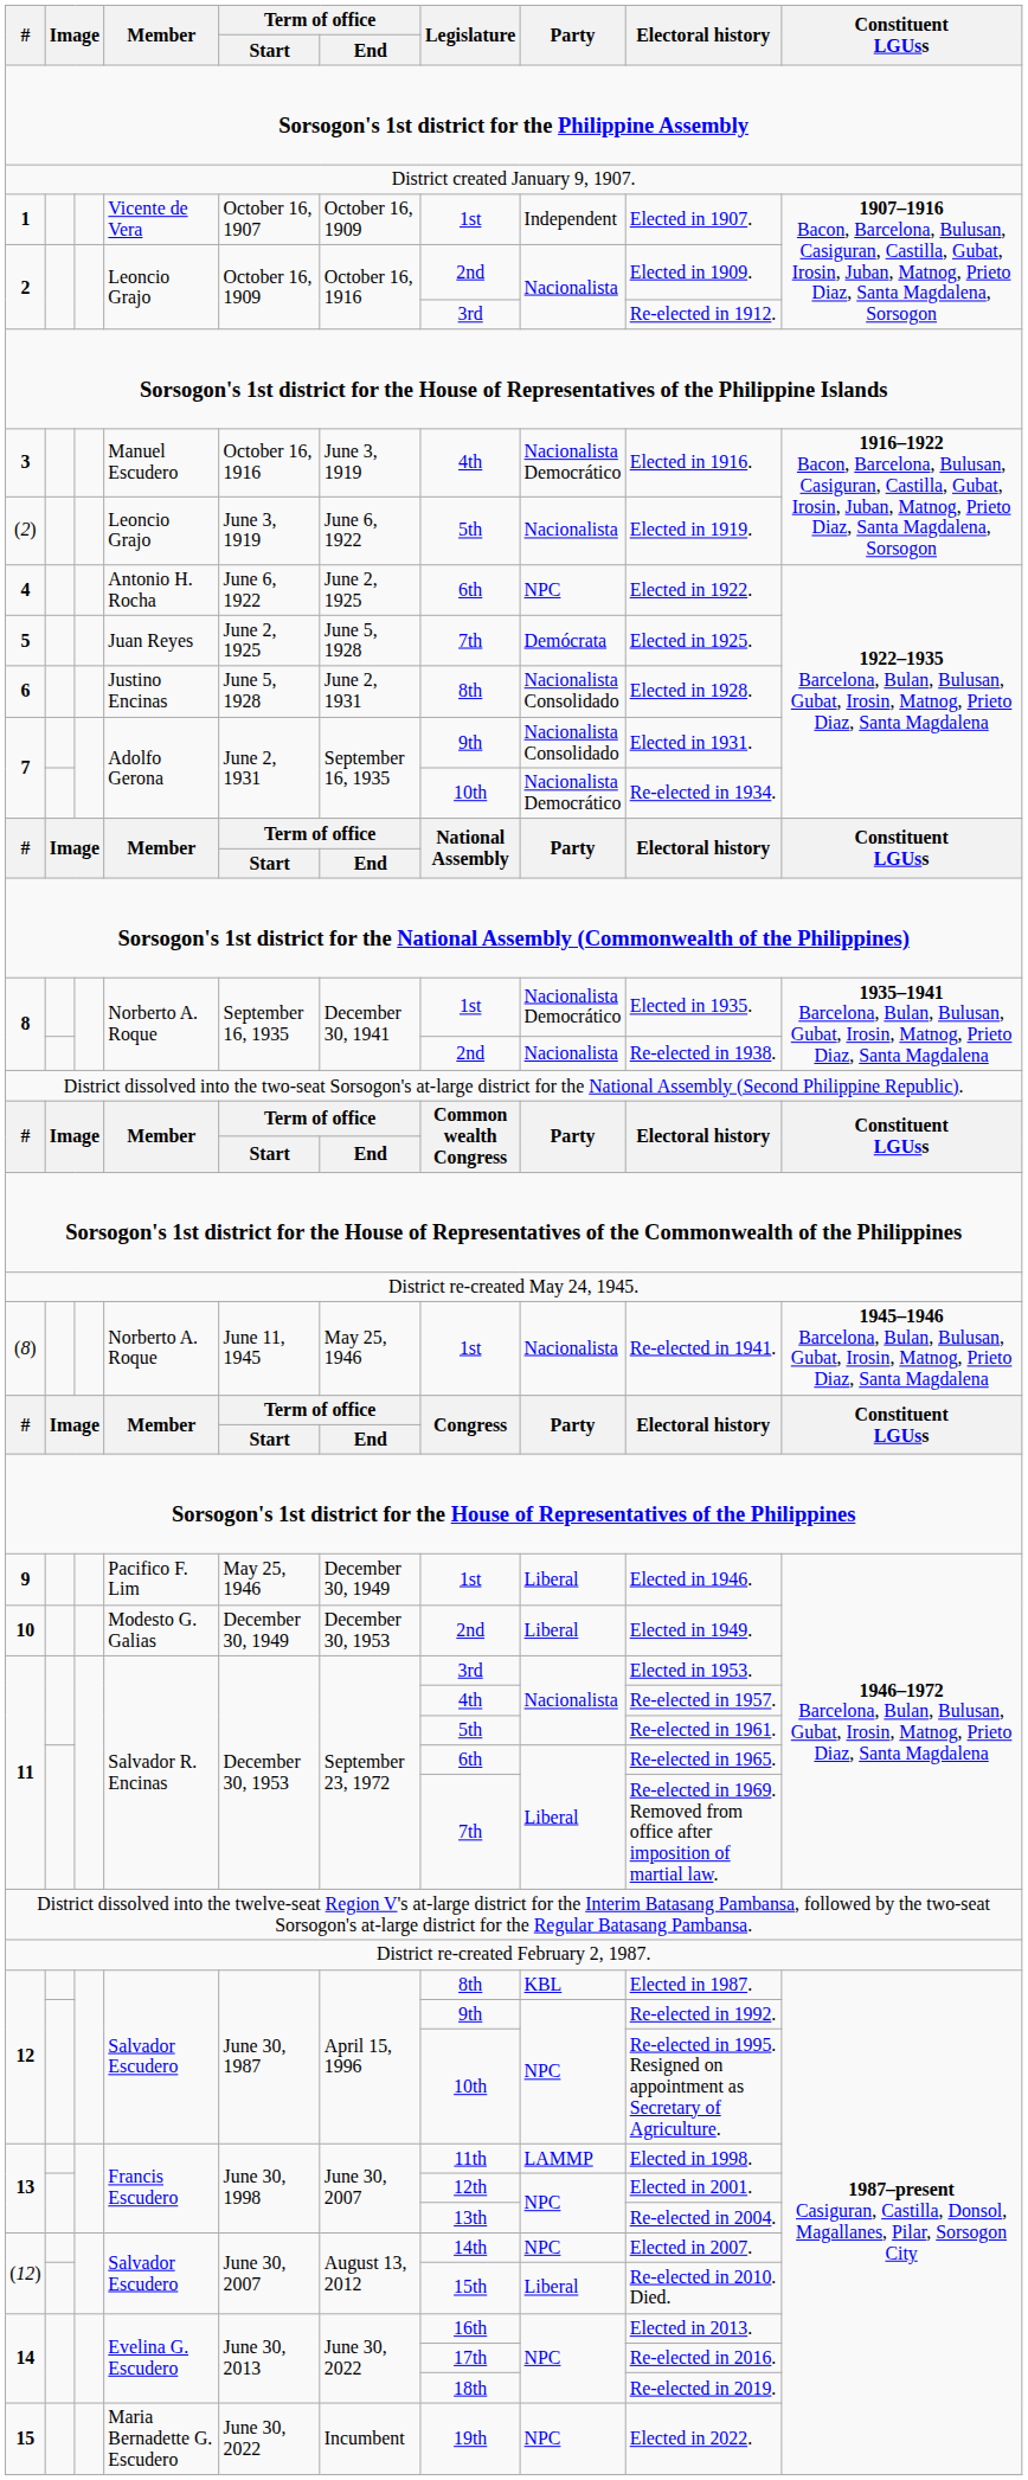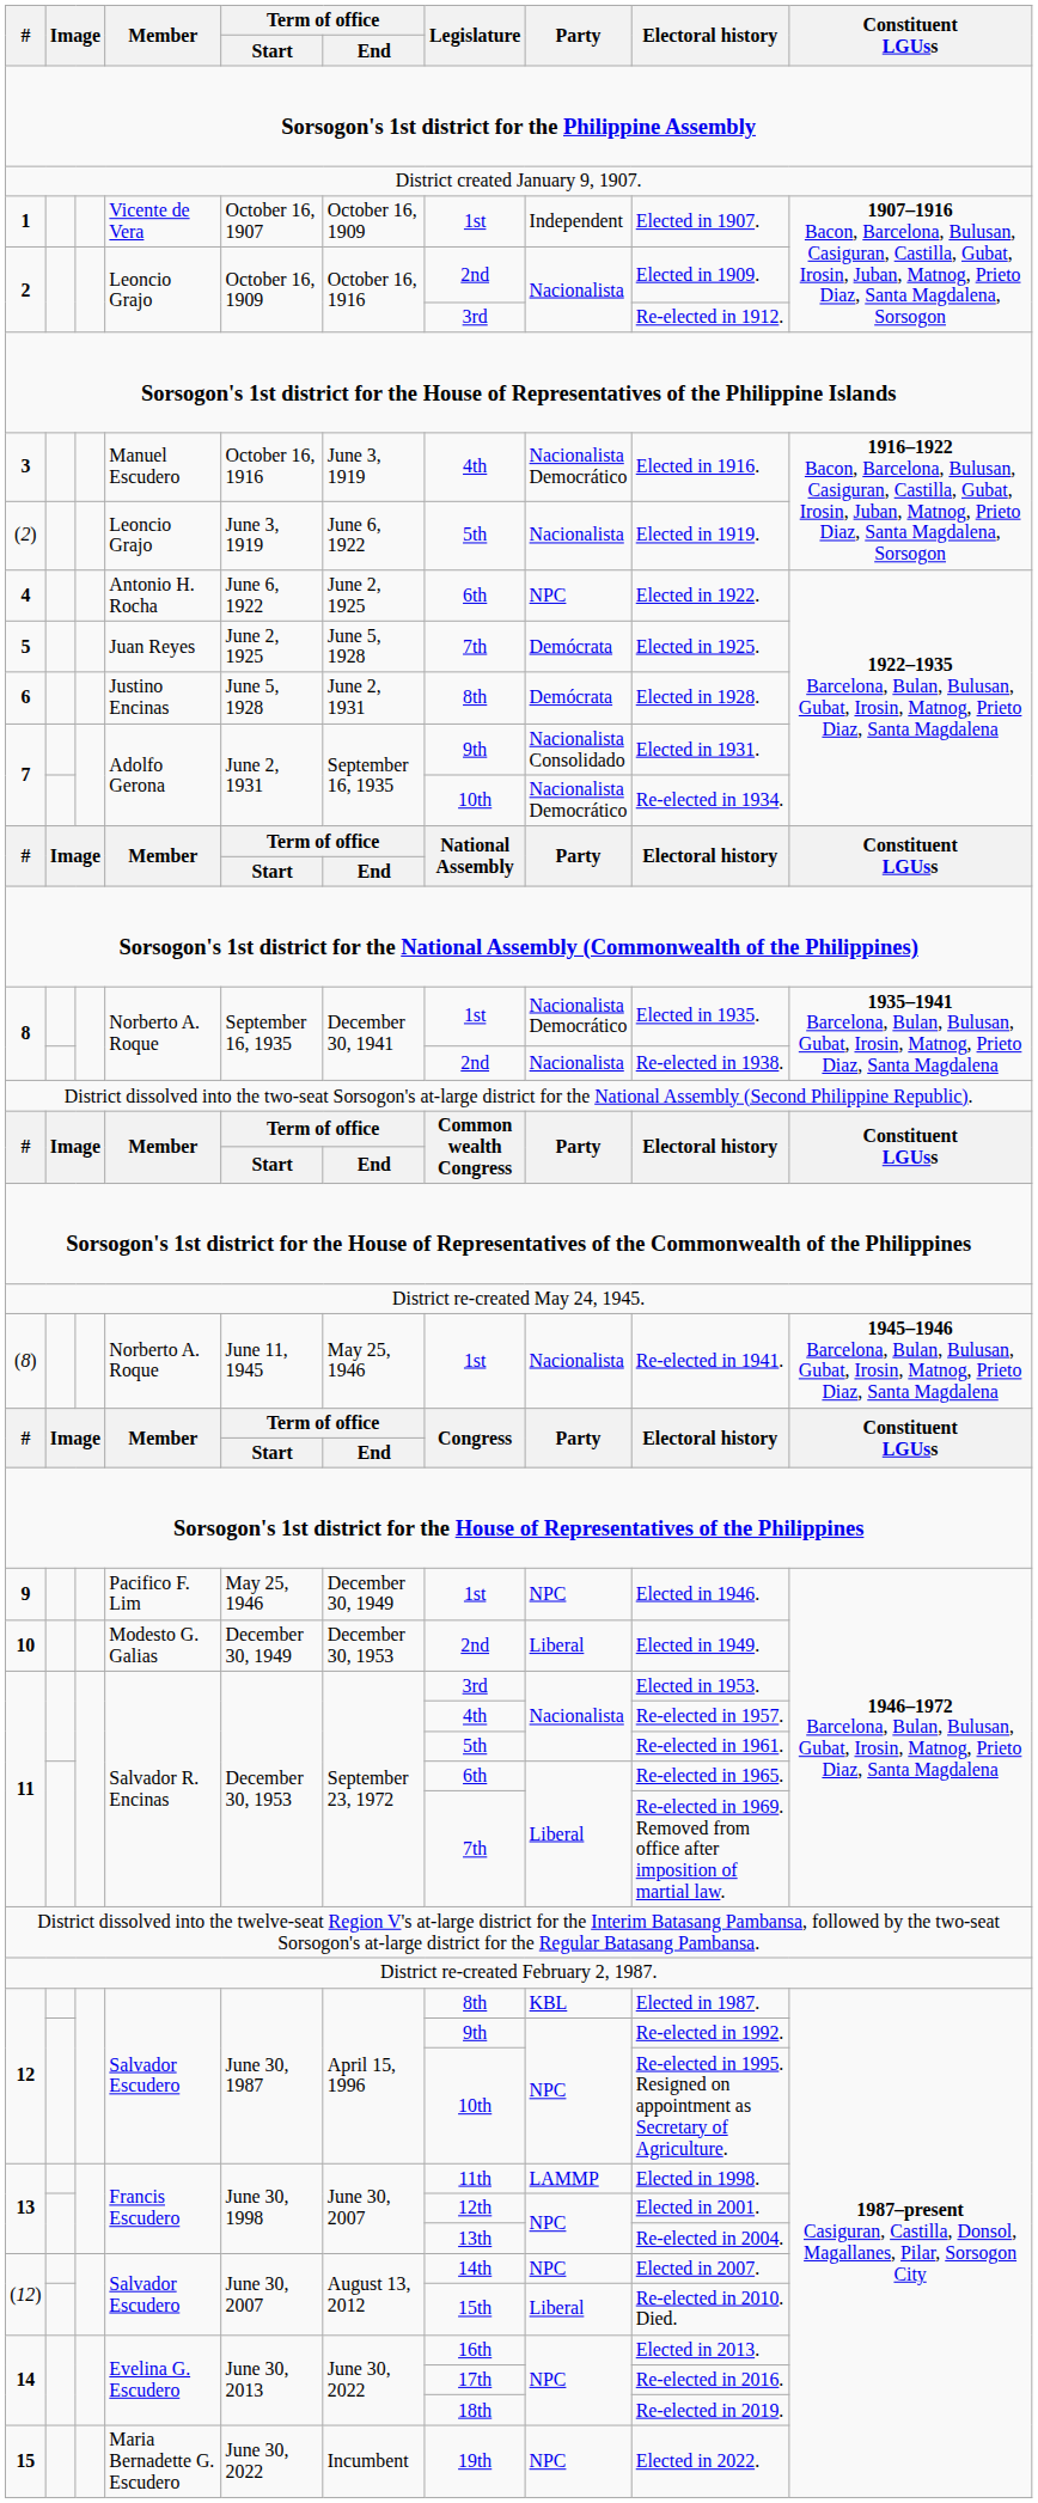 <table class=wikitable>
 <tr>
 <th rowspan="2">#</th>
 <th rowspan="2" colspan=2>Image</th>
 <th rowspan="2">Member</th>
 <th colspan=2>Term of office</th>
 <th rowspan="2">Legislature</th>
 <th rowspan="2">Party</th>
 <th rowspan="2">Electoral history</th>
 <th rowspan="2">Constituent<br><a href='#'>LGUs</a>s</th>
 </tr>
 <tr>
 <th>Start</th>
 <th>End</th>
 </tr>
 <tr>
 <td colspan="10" style="text-align:center;"><br><h3>Sorsogon's 1st district for the <a href='#'>Philippine Assembly</a></h3></td>
 </tr>
 <tr>
 <td colspan="10" style="text-align:center;">District created January 9, 1907.</td>
 </tr>
 <tr>
 <td style="text-align:center;"><strong>1</strong></td>
 <td style="color:inherit;background:"></td>
 <td></td>
 <td><a href='#'>Vicente de Vera</a></td>
 <td>October 16, 1907</td>
 <td>October 16, 1909</td>
 <td style="text-align:center;"><a href='#'>1st</a></td>
 <td>Independent</td>
 <td><a href='#'>Elected in 1907</a>.</td>
 <td rowspan="3" style="text-align:center;"><strong>1907–1916</strong><br><a href='#'>Bacon</a>, <a href='#'>Barcelona</a>, <a href='#'>Bulusan</a>, <a href='#'>Casiguran</a>, <a href='#'>Castilla</a>, <a href='#'>Gubat</a>, <a href='#'>Irosin</a>, <a href='#'>Juban</a>, <a href='#'>Matnog</a>, <a href='#'>Prieto Diaz</a>, <a href='#'>Santa Magdalena</a>, <a href='#'>Sorsogon</a></td>
 </tr>
 <tr>
 <td rowspan="2" style="text-align:center;"><strong>2</strong></td>
 <td rowspan="2" style="color:inherit;background:"></td>
 <td rowspan="2"></td>
 <td rowspan="2">Leoncio Grajo</td>
 <td rowspan="2">October 16, 1909</td>
 <td rowspan="2">October 16, 1916</td>
 <td style="text-align:center;"><a href='#'>2nd</a></td>
 <td rowspan="2"><a href='#'>Nacionalista</a></td>
 <td><a href='#'>Elected in 1909</a>.</td>
 </tr>
 <tr>
 <td style="text-align:center;"><a href='#'>3rd</a></td>
 <td><a href='#'>Re-elected in 1912</a>.</td>
 </tr>
 <tr>
 <td colspan="10" style="text-align:center;"><br><h3>Sorsogon's 1st district for the House of Representatives of the Philippine Islands</h3></td>
 </tr>
 <tr>
 <td style="text-align:center;"><strong>3</strong></td>
 <td style="color:inherit;background:"></td>
 <td></td>
 <td>Manuel Escudero</td>
 <td>October 16, 1916</td>
 <td>June 3, 1919</td>
 <td style="text-align:center;"><a href='#'>4th</a></td>
 <td><a href='#'>Nacionalista</a><br>Democrático</td>
 <td><a href='#'>Elected in 1916</a>.</td>
 <td rowspan="2" style="text-align:center;"><strong>1916–1922</strong><br><a href='#'>Bacon</a>, <a href='#'>Barcelona</a>, <a href='#'>Bulusan</a>, <a href='#'>Casiguran</a>, <a href='#'>Castilla</a>, <a href='#'>Gubat</a>, <a href='#'>Irosin</a>, <a href='#'>Juban</a>, <a href='#'>Matnog</a>, <a href='#'>Prieto Diaz</a>, <a href='#'>Santa Magdalena</a>, <a href='#'>Sorsogon</a></td>
 </tr>
 <tr>
 <td style="text-align:center;">(<em>2</em>)</td>
 <td style="color:inherit;background:"></td>
 <td></td>
 <td>Leoncio Grajo</td>
 <td>June 3, 1919</td>
 <td>June 6, 1922</td>
 <td style="text-align:center;"><a href='#'>5th</a></td>
 <td><a href='#'>Nacionalista</a></td>
 <td><a href='#'>Elected in 1919</a>.</td>
 </tr>
 <tr>
 <td style="text-align:center;"><strong>4</strong></td>
 <td style="color:inherit;background:"></td>
 <td></td>
 <td>Antonio H. Rocha</td>
 <td>June 6, 1922</td>
 <td>June 2, 1925</td>
 <td style="text-align:center;"><a href='#'>6th</a></td>
 <td><a href='#'>NPC</a></td>
 <td><a href='#'>Elected in 1922</a>.</td>
 <td rowspan="5" style="text-align:center;"><strong>1922–1935</strong><br><a href='#'>Barcelona</a>, <a href='#'>Bulan</a>, <a href='#'>Bulusan</a>, <a href='#'>Gubat</a>, <a href='#'>Irosin</a>, <a href='#'>Matnog</a>, <a href='#'>Prieto Diaz</a>, <a href='#'>Santa Magdalena</a></td>
 </tr>
 <tr>
 <td style="text-align:center;"><strong>5</strong></td>
 <td style="color:inherit;background:"></td>
 <td></td>
 <td>Juan Reyes</td>
 <td>June 2, 1925</td>
 <td>June 5, 1928</td>
 <td style="text-align:center;"><a href='#'>7th</a></td>
 <td><a href='#'>Demócrata</a></td>
 <td><a href='#'>Elected in 1925</a>.</td>
 </tr>
 <tr>
 <td style="text-align:center;"><strong>6</strong></td>
 <td style="color:inherit;background:"></td>
 <td></td>
 <td>Justino Encinas</td>
 <td>June 5, 1928</td>
 <td>June 2, 1931</td>
 <td style="text-align:center;"><a href='#'>8th</a></td>
-<td><a href='#'>Nacionalista</a><br>Consolidado</td>
+<td><a href='#'>Demócrata</a></td>
 <td><a href='#'>Elected in 1928</a>.</td>
 </tr>
 <tr>
 <td rowspan="2" style="text-align:center;"><strong>7</strong></td>
 <td style="color:inherit;background:"></td>
 <td rowspan="2"></td>
 <td rowspan="2">Adolfo Gerona</td>
 <td rowspan="2">June 2, 1931</td>
 <td rowspan="2">September 16, 1935</td>
 <td style="text-align:center;"><a href='#'>9th</a></td>
 <td><a href='#'>Nacionalista</a><br>Consolidado</td>
 <td><a href='#'>Elected in 1931</a>.</td>
 </tr>
 <tr>
 <td style="color:inherit;background:"></td>
 <td style="text-align:center;"><a href='#'>10th</a></td>
 <td><a href='#'>Nacionalista</a><br>Democrático</td>
 <td><a href='#'>Re-elected in 1934</a>.</td>
 </tr>
 <tr>
 <th rowspan="2">#</th>
 <th rowspan="2" colspan=2>Image</th>
 <th rowspan="2">Member</th>
 <th colspan=2>Term of office</th>
 <th rowspan="2">National<br>Assembly</th>
 <th rowspan="2">Party</th>
 <th rowspan="2">Electoral history</th>
 <th rowspan="2">Constituent<br><a href='#'>LGUs</a>s</th>
 </tr>
 <tr>
 <th>Start</th>
 <th>End</th>
 </tr>
 <tr>
 <td colspan="10" style="text-align:center;"><br><h3>Sorsogon's 1st district for the <a href='#'>National Assembly (Commonwealth of the Philippines)</a></h3></td>
 </tr>
 <tr>
 <td rowspan="2" style="text-align:center;"><strong>8</strong></td>
 <td style="color:inherit;background:"></td>
 <td rowspan="2"></td>
 <td rowspan="2">Norberto A. Roque</td>
 <td rowspan="2">September 16, 1935</td>
 <td rowspan="2">December 30, 1941</td>
 <td style="text-align:center;"><a href='#'>1st</a></td>
 <td><a href='#'>Nacionalista</a><br>Democrático</td>
 <td><a href='#'>Elected in 1935</a>.</td>
 <td rowspan="2" style="text-align:center;"><strong>1935–1941</strong><br><a href='#'>Barcelona</a>, <a href='#'>Bulan</a>, <a href='#'>Bulusan</a>, <a href='#'>Gubat</a>, <a href='#'>Irosin</a>, <a href='#'>Matnog</a>, <a href='#'>Prieto Diaz</a>, <a href='#'>Santa Magdalena</a></td>
 </tr>
 <tr>
 <td style="color:inherit;background:"></td>
 <td style="text-align:center;"><a href='#'>2nd</a></td>
 <td><a href='#'>Nacionalista</a></td>
 <td><a href='#'>Re-elected in 1938</a>.</td>
 </tr>
 <tr>
 <td colspan="10" style="text-align:center;">District dissolved into the two-seat Sorsogon's at-large district for the <a href='#'>National Assembly (Second Philippine Republic)</a>.</td>
 </tr>
 <tr>
 <th rowspan="2">#</th>
 <th rowspan="2" colspan=2>Image</th>
 <th rowspan="2">Member</th>
 <th colspan=2>Term of office</th>
 <th rowspan="2">Common<br>wealth<br>Congress</th>
 <th rowspan="2">Party</th>
 <th rowspan="2">Electoral history</th>
 <th rowspan="2">Constituent<br><a href='#'>LGUs</a>s</th>
 </tr>
 <tr>
 <th>Start</th>
 <th>End</th>
 </tr>
 <tr>
 <td colspan="10" style="text-align:center;"><br><h3>Sorsogon's 1st district for the House of Representatives of the Commonwealth of the Philippines</h3></td>
 </tr>
 <tr>
 <td colspan="10" style="text-align:center;">District re-created May 24, 1945.</td>
 </tr>
 <tr>
 <td style="text-align:center;">(<em>8</em>)</td>
 <td style="color:inherit;background:"></td>
 <td></td>
 <td>Norberto A. Roque</td>
 <td>June 11, 1945</td>
 <td>May 25, 1946</td>
 <td style="text-align:center;"><a href='#'>1st</a></td>
 <td><a href='#'>Nacionalista</a></td>
 <td><a href='#'>Re-elected in 1941</a>.</td>
 <td style="text-align:center;"><strong>1945–1946</strong><br><a href='#'>Barcelona</a>, <a href='#'>Bulan</a>, <a href='#'>Bulusan</a>, <a href='#'>Gubat</a>, <a href='#'>Irosin</a>, <a href='#'>Matnog</a>, <a href='#'>Prieto Diaz</a>, <a href='#'>Santa Magdalena</a></td>
 </tr>
 <tr>
 <th rowspan="2">#</th>
 <th rowspan="2" colspan=2>Image</th>
 <th rowspan="2">Member</th>
 <th colspan=2>Term of office</th>
 <th rowspan="2">Congress</th>
 <th rowspan="2">Party</th>
 <th rowspan="2">Electoral history</th>
 <th rowspan="2">Constituent<br><a href='#'>LGUs</a>s</th>
 </tr>
 <tr>
 <th>Start</th>
 <th>End</th>
 </tr>
 <tr>
 <td colspan="10" style="text-align:center;"><br><h3>Sorsogon's 1st district for the <a href='#'>House of Representatives of the Philippines</a></h3></td>
 </tr>
 <tr>
 <td style="text-align:center;"><strong>9</strong></td>
 <td style="color:inherit;background:"></td>
 <td></td>
 <td>Pacifico F. Lim</td>
 <td>May 25, 1946</td>
 <td>December 30, 1949</td>
 <td style="text-align:center;"><a href='#'>1st</a></td>
-<td><a href='#'>Liberal</a></td>
+<td><a href='#'>NPC</a></td>
 <td><a href='#'>Elected in 1946</a>.</td>
 <td rowspan="7" style="text-align:center;"><strong>1946–1972</strong><br><a href='#'>Barcelona</a>, <a href='#'>Bulan</a>, <a href='#'>Bulusan</a>, <a href='#'>Gubat</a>, <a href='#'>Irosin</a>, <a href='#'>Matnog</a>, <a href='#'>Prieto Diaz</a>, <a href='#'>Santa Magdalena</a></td>
 </tr>
 <tr>
 <td style="text-align:center;"><strong>10</strong></td>
 <td style="color:inherit;background:"></td>
 <td></td>
 <td>Modesto G. Galias</td>
 <td>December 30, 1949</td>
 <td>December 30, 1953</td>
 <td style="text-align:center;"><a href='#'>2nd</a></td>
 <td><a href='#'>Liberal</a></td>
 <td><a href='#'>Elected in 1949</a>.</td>
 </tr>
 <tr>
 <td rowspan="5" style="text-align:center;"><strong>11</strong></td>
 <td rowspan="3" style="color:inherit;background:"></td>
 <td rowspan="5"></td>
 <td rowspan="5">Salvador R. Encinas</td>
 <td rowspan="5">December 30, 1953</td>
 <td rowspan="5">September 23, 1972</td>
 <td style="text-align:center;"><a href='#'>3rd</a></td>
 <td rowspan="3"><a href='#'>Nacionalista</a></td>
 <td><a href='#'>Elected in 1953</a>.</td>
 </tr>
 <tr>
 <td style="text-align:center;"><a href='#'>4th</a></td>
 <td><a href='#'>Re-elected in 1957</a>.</td>
 </tr>
 <tr>
 <td style="text-align:center;"><a href='#'>5th</a></td>
 <td><a href='#'>Re-elected in 1961</a>.</td>
 </tr>
 <tr>
 <td rowspan="2" style="color:inherit;background:"></td>
 <td style="text-align:center;"><a href='#'>6th</a></td>
 <td rowspan="2"><a href='#'>Liberal</a></td>
 <td><a href='#'>Re-elected in 1965</a>.</td>
 </tr>
 <tr>
 <td style="text-align:center;"><a href='#'>7th</a></td>
 <td><a href='#'>Re-elected in 1969</a>.<br>Removed from office after <a href='#'>imposition of martial law</a>.</td>
 </tr>
 <tr>
 <td colspan="10" style="text-align:center;">District dissolved into the twelve-seat <a href='#'>Region V</a>'s at-large district for the <a href='#'>Interim Batasang Pambansa</a>, followed by the two-seat Sorsogon's at-large district for the <a href='#'>Regular Batasang Pambansa</a>.</td>
 </tr>
 <tr>
 <td colspan="10" style="text-align:center;">District re-created February 2, 1987.</td>
 </tr>
 <tr>
 <td rowspan="3" style="text-align:center;"><strong>12</strong></td>
 <td style="color:inherit;background:"></td>
 <td rowspan="3"></td>
 <td rowspan="3"><a href='#'>Salvador Escudero</a></td>
 <td rowspan="3">June 30, 1987</td>
 <td rowspan="3">April 15, 1996</td>
 <td style="text-align:center;"><a href='#'>8th</a></td>
 <td><a href='#'>KBL</a></td>
 <td><a href='#'>Elected in 1987</a>.</td>
 <td rowspan="12" style="text-align:center;"><strong>1987–present</strong><br><a href='#'>Casiguran</a>, <a href='#'>Castilla</a>, <a href='#'>Donsol</a>, <a href='#'>Magallanes</a>, <a href='#'>Pilar</a>, <a href='#'>Sorsogon City</a></td>
 </tr>
 <tr>
 <td rowspan="2" style="color:inherit;background:"></td>
 <td style="text-align:center;"><a href='#'>9th</a></td>
 <td rowspan="2"><a href='#'>NPC</a></td>
 <td><a href='#'>Re-elected in 1992</a>.</td>
 </tr>
 <tr>
 <td style="text-align:center;"><a href='#'>10th</a></td>
 <td><a href='#'>Re-elected in 1995</a>.<br>Resigned on appointment as <a href='#'>Secretary of Agriculture</a>.</td>
 </tr>
 <tr>
 <td rowspan="3" style="text-align:center;"><strong>13</strong></td>
 <td style="color:inherit;background:"></td>
 <td rowspan="3"></td>
 <td rowspan="3"><a href='#'>Francis Escudero</a></td>
 <td rowspan="3">June 30, 1998</td>
 <td rowspan="3">June 30, 2007</td>
 <td style="text-align:center;"><a href='#'>11th</a></td>
 <td><a href='#'>LAMMP</a></td>
 <td><a href='#'>Elected in 1998</a>.</td>
 </tr>
 <tr>
 <td rowspan="2" style="color:inherit;background:"></td>
 <td style="text-align:center;"><a href='#'>12th</a></td>
 <td rowspan="2"><a href='#'>NPC</a></td>
 <td><a href='#'>Elected in 2001</a>.</td>
 </tr>
 <tr>
 <td style="text-align:center;"><a href='#'>13th</a></td>
 <td><a href='#'>Re-elected in 2004</a>.</td>
 </tr>
 <tr>
 <td rowspan="2" style="text-align:center;">(<em>12</em>)</td>
 <td style="color:inherit;background:"></td>
 <td rowspan="2"></td>
 <td rowspan="2"><a href='#'>Salvador Escudero</a></td>
 <td rowspan="2">June 30, 2007</td>
 <td rowspan="2">August 13, 2012</td>
 <td style="text-align:center;"><a href='#'>14th</a></td>
 <td><a href='#'>NPC</a></td>
 <td><a href='#'>Elected in 2007</a>.</td>
 </tr>
 <tr>
 <td style="color:inherit;background:"></td>
 <td style="text-align:center;"><a href='#'>15th</a></td>
 <td><a href='#'>Liberal</a></td>
 <td><a href='#'>Re-elected in 2010</a>.<br>Died.</td>
 </tr>
 <tr>
 <td rowspan="3" style="text-align:center;"><strong>14</strong></td>
 <td rowspan="3" style="color:inherit;background:"></td>
 <td rowspan="3"></td>
 <td rowspan="3"><a href='#'>Evelina G. Escudero</a></td>
 <td rowspan="3">June 30, 2013</td>
 <td rowspan="3">June 30, 2022</td>
 <td style="text-align:center;"><a href='#'>16th</a></td>
 <td rowspan="3"><a href='#'>NPC</a></td>
 <td><a href='#'>Elected in 2013</a>.</td>
 </tr>
 <tr>
 <td style="text-align:center;"><a href='#'>17th</a></td>
 <td><a href='#'>Re-elected in 2016</a>.</td>
 </tr>
 <tr>
 <td style="text-align:center;"><a href='#'>18th</a></td>
 <td><a href='#'>Re-elected in 2019</a>.</td>
 </tr>
 <tr>
 <td style="text-align:center;"><strong>15</strong></td>
 <td style="color:inherit;background:"></td>
 <td></td>
 <td>Maria Bernadette G. Escudero</td>
 <td>June 30, 2022</td>
 <td>Incumbent</td>
 <td style="text-align:center;"><a href='#'>19th</a></td>
 <td><a href='#'>NPC</a></td>
 <td><a href='#'>Elected in 2022</a>.</td>
 </tr>
 </table>
